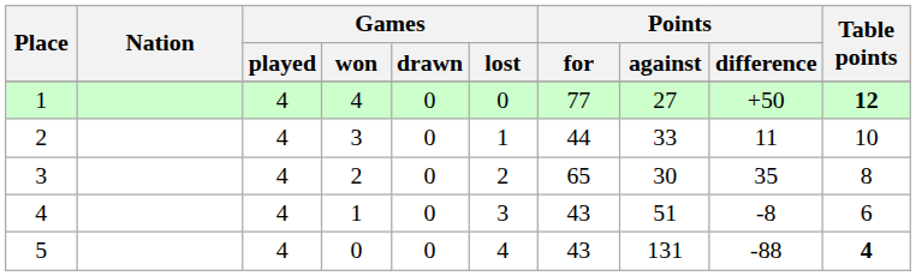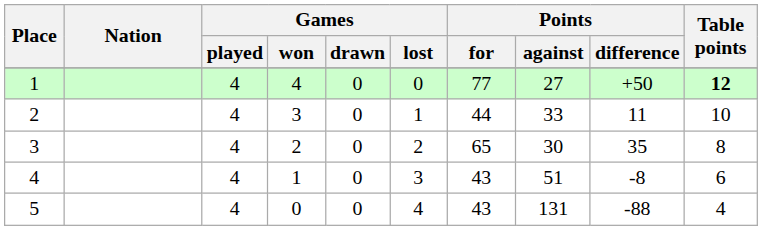 <table class="wikitable">
 <tr>
 <th rowspan=2 width="8%">Place</th>
 <th rowspan=2 width="20%">Nation</th>
 <th colspan=4 width="32%">Games</th>
 <th colspan=3 width="30%">Points</th>
 <th rowspan=2 width="10%">Table<br>points</th>
 </tr>
 <tr>
 <th width="8%">played</th>
 <th width="8%">won</th>
 <th width="8%">drawn</th>
 <th width="8%">lost</th>
 <th width="10%">for</th>
 <th width="10%">against</th>
 <th width="10%">difference</th>
 </tr>
 <tr>
 </tr>
 <tr bgcolor=#ccffcc align=center>
 <td>1</td>
 <td align=left><strong></strong></td>
 <td>4</td>
 <td>4</td>
 <td>0</td>
 <td>0</td>
 <td>77</td>
 <td>27</td>
 <td>+50</td>
 <td><strong>12</strong></td>
 </tr>
 <tr bgcolor=#ffffff align=center>
 <td>2</td>
 <td align=left></td>
 <td>4</td>
 <td>3</td>
 <td>0</td>
 <td>1</td>
 <td>44</td>
 <td>33</td>
 <td>11</td>
 <td>10</td>
 </tr>
 <tr bgcolor=#ffffff align=center>
 <td>3</td>
 <td align=left></td>
 <td>4</td>
 <td>2</td>
 <td>0</td>
 <td>2</td>
 <td>65</td>
 <td>30</td>
 <td>35</td>
 <td>8</td>
 </tr>
 <tr bgcolor=#ffffff align=center>
 <td>4</td>
 <td align=left></td>
 <td>4</td>
 <td>1</td>
 <td>0</td>
 <td>3</td>
 <td>43</td>
 <td>51</td>
 <td>-8</td>
 <td>6</td>
 </tr>
 <tr bgcolor=#ffffff align=center>
 <td>5</td>
 <td align=left></td>
 <td>4</td>
 <td>0</td>
 <td>0</td>
 <td>4</td>
 <td>43</td>
 <td>131</td>
 <td>-88</td>
-<td><strong>4</strong></td>
+<td>4</td>
 </tr>
 </table>
